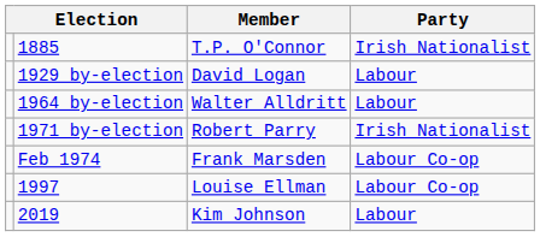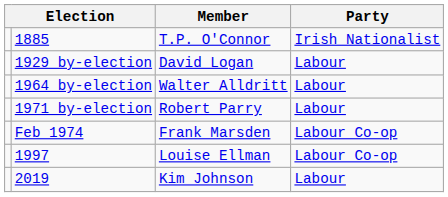 <table class="wikitable">
 <tr>
 <th colspan="2">Election</th>
 <th>Member</th>
 <th>Party</th>
 </tr>
 <tr>
 <td style="background-color: "></td>
 <td><a href='#'>1885</a></td>
 <td><a href='#'>T.P. O'Connor</a></td>
 <td><a href='#'>Irish Nationalist</a></td>
 </tr>
 <tr>
 <td style="background-color: "></td>
 <td><a href='#'>1929 by-election</a></td>
 <td><a href='#'>David Logan</a></td>
 <td><a href='#'>Labour</a></td>
 </tr>
 <tr>
 <td style="background-color: "></td>
 <td><a href='#'>1964 by-election</a></td>
 <td><a href='#'>Walter Alldritt</a></td>
 <td><a href='#'>Labour</a></td>
 </tr>
 <tr>
 <td style="background-color: "></td>
 <td><a href='#'>1971 by-election</a></td>
 <td><a href='#'>Robert Parry</a></td>
-<td><a href='#'>Irish Nationalist</a></td>
+<td><a href='#'>Labour</a></td>
 </tr>
 <tr>
 <td style="background-color: "></td>
 <td><a href='#'>Feb 1974</a></td>
 <td><a href='#'>Frank Marsden</a></td>
 <td><a href='#'>Labour Co-op</a></td>
 </tr>
 <tr>
 <td style="background-color: "></td>
 <td><a href='#'>1997</a></td>
 <td><a href='#'>Louise Ellman</a></td>
 <td><a href='#'>Labour Co-op</a></td>
 </tr>
 <tr>
 <td style="background-color: "></td>
 <td><a href='#'>2019</a></td>
 <td><a href='#'>Kim Johnson</a></td>
 <td><a href='#'>Labour</a></td>
 </tr>
 </table>
